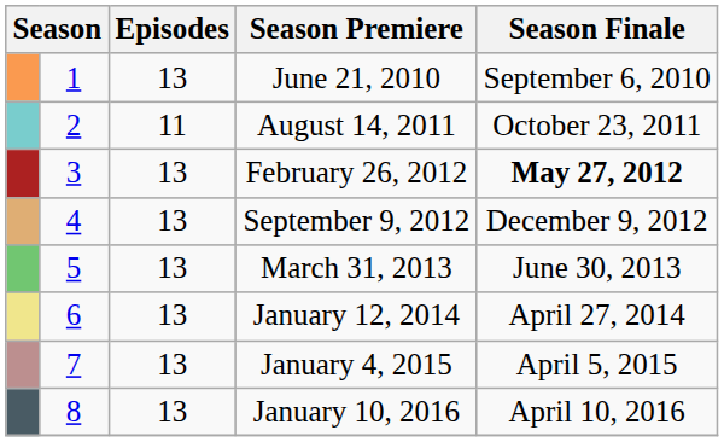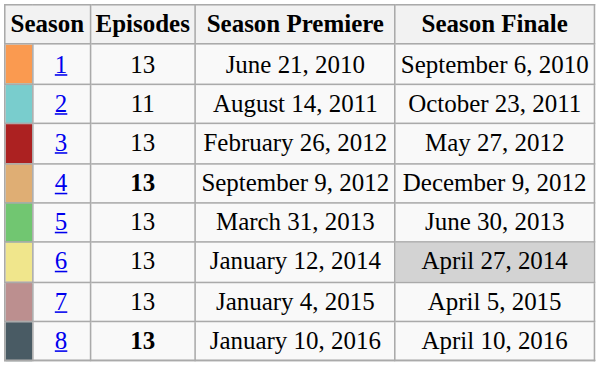 <table class="wikitable">
 <tr>
 <th colspan="2">Season</th>
 <th>Episodes</th>
 <th>Season Premiere</th>
 <th>Season Finale</th>
 </tr>
 <tr>
 <td style="background:#FA9A50; height:5px;"></td>
 <td style="text-align:center;"><a href='#'>1</a></td>
 <td style="text-align:center;">13</td>
 <td style="text-align:center;">June 21, 2010</td>
 <td style="text-align:center;">September 6, 2010</td>
 </tr>
 <tr>
 <td style="background:#79CDCD; height:5px;"></td>
 <td style="text-align:center;"><a href='#'>2</a></td>
 <td style="text-align:center;">11</td>
 <td style="text-align:center;">August 14, 2011</td>
 <td style="text-align:center;">October 23, 2011</td>
 </tr>
 <tr>
 <td style="background:#AC2121; height:5px;"></td>
 <td style="text-align:center;"><a href='#'>3</a></td>
 <td style="text-align:center;">13</td>
 <td style="text-align:center;">February 26, 2012</td>
-<td style="text-align:center;"><strong>May 27, 2012</strong></td>
+<td style="text-align:center;">May 27, 2012</td>
 </tr>
 <tr>
 <td style="background:#DFAE74; height:5px;"></td>
 <td style="text-align:center;"><a href='#'>4</a></td>
-<td style="text-align:center;">13</td>
+<td style="text-align:center;"><strong>13</strong></td>
 <td style="text-align:center;">September 9, 2012</td>
 <td style="text-align:center;">December 9, 2012</td>
 </tr>
 <tr>
 <td style="background:#71C671; height:5px;"></td>
 <td style="text-align:center;"><a href='#'>5</a></td>
 <td style="text-align:center;">13</td>
 <td style="text-align:center;">March 31, 2013</td>
 <td style="text-align:center;">June 30, 2013</td>
 </tr>
 <tr>
 <td style="background:#F0E68C; height:5px;"></td>
 <td style="text-align:center;"><a href='#'>6</a></td>
 <td style="text-align:center;">13</td>
 <td style="text-align:center;">January 12, 2014</td>
-<td style="text-align:center;">April 27, 2014</td>
+<td style="background: lightgrey; text-align:center;">April 27, 2014</td>
 </tr>
 <tr>
 <td style="background:#BC8F8F; height:5px;"></td>
 <td style="text-align:center;"><a href='#'>7</a></td>
 <td style="text-align:center;">13</td>
 <td style="text-align:center;">January 4, 2015</td>
 <td style="text-align:center;">April 5, 2015</td>
 </tr>
 <tr>
 <td style="background:#495B64; height:5px;"></td>
 <td style="text-align:center;"><a href='#'>8</a></td>
-<td style="text-align:center;">13</td>
+<td style="text-align:center;"><strong>13</strong></td>
 <td style="text-align:center;">January 10, 2016</td>
 <td style="text-align:center;">April 10, 2016</td>
 </tr>
 <tr>
 </tr>
 </table>
